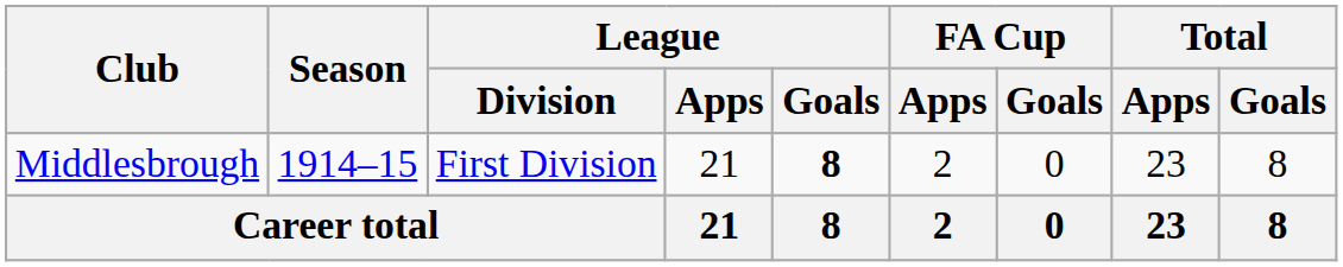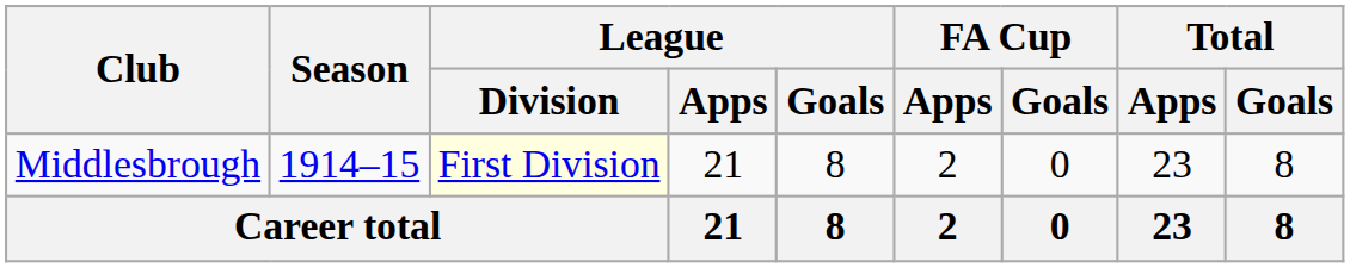 <table class="wikitable" style="text-align: center;">
 <tr>
 <th rowspan="2">Club</th>
 <th rowspan="2">Season</th>
 <th colspan="3">League</th>
 <th colspan="2">FA Cup</th>
 <th colspan="2">Total</th>
 </tr>
 <tr>
 <th>Division</th>
 <th>Apps</th>
 <th>Goals</th>
 <th>Apps</th>
 <th>Goals</th>
 <th>Apps</th>
 <th>Goals</th>
 </tr>
 <tr>
 <td><a href='#'>Middlesbrough</a></td>
 <td><a href='#'>1914–15</a></td>
-<td><a href='#'>First Division</a></td>
+<td style="background: lightyellow;"><a href='#'>First Division</a></td>
 <td>21</td>
-<td><strong>8</strong></td>
+<td>8</td>
 <td>2</td>
 <td>0</td>
 <td>23</td>
 <td>8</td>
 </tr>
 <tr>
 <th colspan="3">Career total</th>
 <th>21</th>
 <th>8</th>
 <th>2</th>
 <th>0</th>
 <th>23</th>
 <th>8</th>
 </tr>
 </table>
